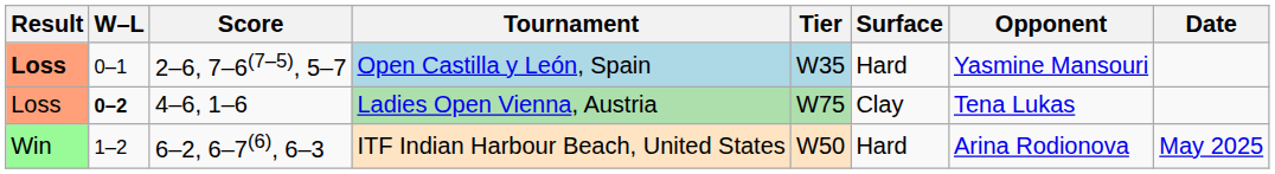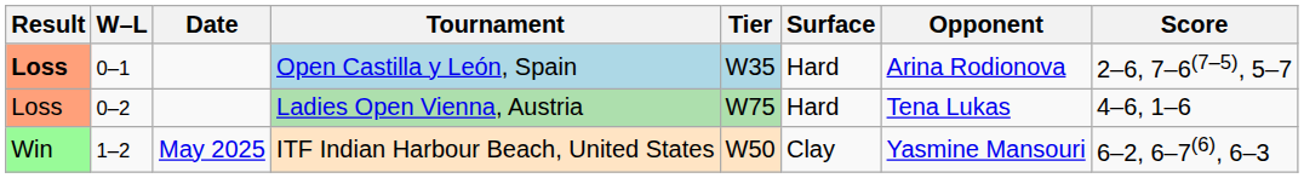 <table class="sortable wikitable">
 <tr>
 <th>Result</th>
 <th class="unsortable">W–L</th>
-<th class="unsortable">Score</th>
+<th>Date</th>
 <th>Tournament</th>
 <th>Tier</th>
 <th>Surface</th>
 <th>Opponent</th>
-<th>Date</th>
+<th class="unsortable">Score</th>
 </tr>
 <tr>
 <td style="background:#ffa07a;"><strong>Loss</strong></td>
 <td><small>0–1</small></td>
-<td>2–6, 7–6<sup>(7–5)</sup>, 5–7</td>
+<td></td>
 <td style="background:lightblue;"><a href='#'>Open Castilla y León</a>, Spain</td>
 <td style="background:lightblue;">W35</td>
 <td>Hard</td>
-<td> <a href='#'>Yasmine Mansouri</a></td>
-<td></td>
+<td> <a href='#'>Arina Rodionova</a></td>
+<td>2–6, 7–6<sup>(7–5)</sup>, 5–7</td>
 </tr>
 <tr>
 <td style="background:#ffa07a;">Loss</td>
-<td><strong><small>0–2</small></strong></td>
-<td>4–6, 1–6</td>
+<td><small>0–2</small></td>
+<td></td>
 <td style="background:#addfad;"><a href='#'>Ladies Open Vienna</a>, Austria</td>
 <td style="background:#addfad;">W75</td>
-<td>Clay</td>
+<td>Hard</td>
 <td> <a href='#'>Tena Lukas</a></td>
-<td></td>
+<td>4–6, 1–6</td>
 </tr>
 <tr>
 <td style="background:#98fb98;">Win</td>
 <td><small>1–2</small></td>
-<td>6–2, 6–7<sup>(6)</sup>, 6–3</td>
+<td><a href='#'>May 2025</a></td>
 <td bgcolor=ffe4c4>ITF Indian Harbour Beach, United States</td>
 <td bgcolor=ffe4c4>W50</td>
-<td>Hard</td>
-<td> <a href='#'>Arina Rodionova</a></td>
-<td><a href='#'>May 2025</a></td>
+<td>Clay</td>
+<td> <a href='#'>Yasmine Mansouri</a></td>
+<td>6–2, 6–7<sup>(6)</sup>, 6–3</td>
 </tr>
 </table>
